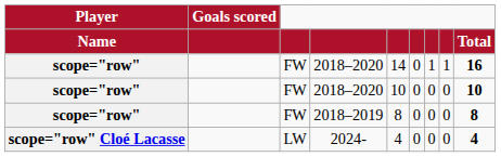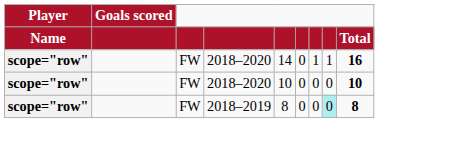 <table class="wikitable sortable" style="text-align:center;">
 <tr>
 <th style="background:#AE122A; color:#FFF; ">Player</th>
 <th style="background:#AE122A; color:#FFF; ">Goals scored</th>
 </tr>
 <tr>
 <th style="background:#AE122A; color:#FFF; ">Name</th>
 <th style="background:#AE122A; color:#FFF; "></th>
 <th style="background:#AE122A; color:#FFF; "></th>
 <th style="background:#AE122A; color:#FFF; "></th>
 <th style="background:#AE122A; color:#FFF; "></th>
 <th style="background:#AE122A; color:#FFF; "></th>
 <th style="background:#AE122A; color:#FFF; "></th>
 <th style="background:#AE122A; color:#FFF; "></th>
 <th style="background:#AE122A; color:#FFF; ">Total</th>
 </tr>
 <tr>
 <th>scope="row" </th>
 <td></td>
 <td>FW</td>
 <td>2018–2020</td>
 <td>14</td>
 <td>0</td>
 <td>1</td>
 <td>1</td>
 <td><strong>16</strong></td>
 </tr>
 <tr>
 <th>scope="row" </th>
 <td></td>
 <td>FW</td>
 <td>2018–2020</td>
 <td>10</td>
 <td>0</td>
 <td>0</td>
 <td>0</td>
 <td><strong>10</strong></td>
 </tr>
 <tr>
 <th>scope="row" </th>
 <td></td>
 <td>FW</td>
 <td>2018–2019</td>
 <td>8</td>
 <td>0</td>
 <td>0</td>
-<td>0</td>
+<td style="background: paleturquoise;">0</td>
 <td><strong>8</strong></td>
 </tr>
-<tr>
-<th>scope="row" <a href='#'>Cloé Lacasse</a></th>
-<td></td>
-<td>LW</td>
-<td> 2024-</td>
-<td>4</td>
-<td>0</td>
-<td>0</td>
-<td>0</td>
-<td><strong>4</strong></td>
-</tr>
 </table>
